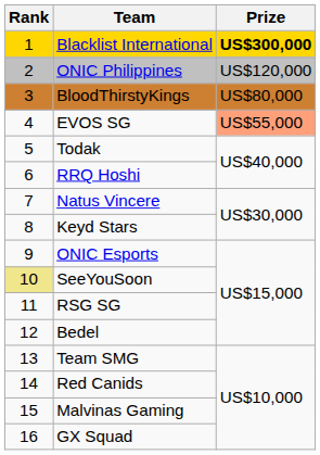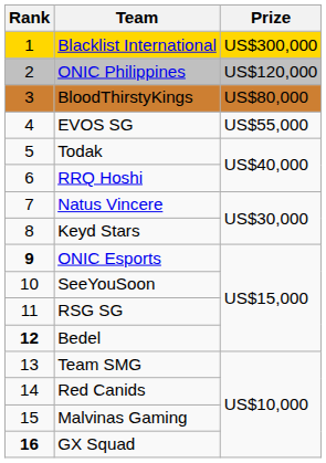 <table class="wikitable">
 <tr>
 <th>Rank</th>
 <th>Team</th>
 <th>Prize</th>
 </tr>
 <tr bgcolor="#FFD700">
 <td align=center>1</td>
 <td><div> <a href='#'>Blacklist International</a></div></td>
-<td><strong><div>US$300,000</div></strong></td>
+<td><div>US$300,000</div></td>
 </tr>
 <tr bgcolor="#C0C0C0">
 <td align=center>2</td>
 <td><div> <a href='#'>ONIC Philippines</a></div></td>
 <td bgcolor="#C0C0C0"><div>US$120,000</div></td>
 </tr>
 <tr bgcolor="#CD7F32">
 <td align=center>3</td>
 <td><div> BloodThirstyKings</div></td>
 <td><div>US$80,000</div></td>
 </tr>
 <tr>
 <td align=center>4</td>
 <td><div> EVOS SG</div></td>
-<td style="background: lightsalmon;"><div>US$55,000</div></td>
+<td><div>US$55,000</div></td>
 </tr>
 <tr>
 <td align=center>5</td>
 <td><div> Todak</div></td>
 <td rowspan="2"><div>US$40,000</div></td>
 </tr>
 <tr>
 <td align=center>6</td>
 <td><div> <a href='#'>RRQ Hoshi</a></div></td>
 </tr>
 <tr>
 <td align=center>7</td>
 <td><div> <a href='#'>Natus Vincere</a></div></td>
 <td rowspan="2"><div>US$30,000</div></td>
 </tr>
 <tr>
 <td align=center>8</td>
 <td><div> Keyd Stars</div></td>
 </tr>
 <tr>
-<td align=center>9</td>
+<td align=center><strong>9</strong></td>
 <td><div> <a href='#'>ONIC Esports</a></div></td>
 <td rowspan="4"><div>US$15,000</div></td>
 </tr>
 <tr>
-<td align=center style="background: khaki;">10</td>
+<td align=center>10</td>
 <td><div> SeeYouSoon</div></td>
 </tr>
 <tr>
 <td align=center>11</td>
 <td><div> RSG SG</div></td>
 </tr>
 <tr>
-<td align=center>12</td>
+<td align=center><strong>12</strong></td>
 <td><div> Bedel</div></td>
 </tr>
 <tr>
 <td align=center>13</td>
 <td><div> Team SMG</div></td>
 <td rowspan="4"><div>US$10,000</div></td>
 </tr>
 <tr>
 <td align=center>14</td>
 <td><div> Red Canids</div></td>
 </tr>
 <tr>
 <td align=center>15</td>
 <td><div> Malvinas Gaming</div></td>
 </tr>
 <tr>
-<td align=center>16</td>
+<td align=center><strong>16</strong></td>
 <td><div>  GX Squad</div></td>
 </tr>
 </table>
